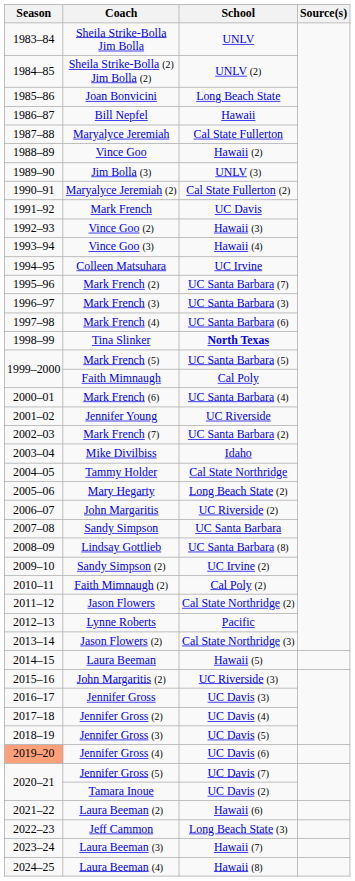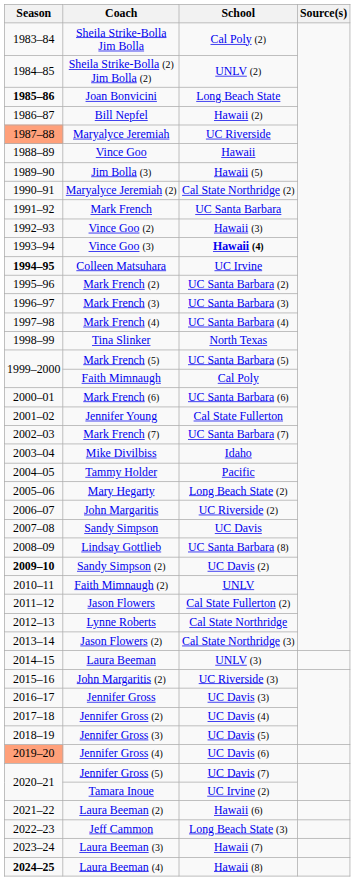 <table class="wikitable" style="text-align:center;">
 <tr>
 <th>Season</th>
 <th>Coach</th>
 <th>School</th>
 <th>Source(s)</th>
 </tr>
 <tr>
 <td>1983–84</td>
 <td><a href='#'>Sheila Strike-Bolla</a> <br> <a href='#'>Jim Bolla</a></td>
-<td><a href='#'>UNLV</a></td>
+<td><a href='#'>Cal Poly</a> <small>(2)</small></td>
 <td rowspan=32></td>
 </tr>
 <tr>
 <td>1984–85</td>
 <td><a href='#'>Sheila Strike-Bolla</a> <small>(2)</small> <br> <a href='#'>Jim Bolla</a> <small>(2)</small></td>
 <td><a href='#'>UNLV</a> <small>(2)</small></td>
 </tr>
 <tr>
-<td>1985–86</td>
+<td><strong>1985–86</strong></td>
 <td><a href='#'>Joan Bonvicini</a></td>
 <td><a href='#'>Long Beach State</a></td>
 </tr>
 <tr>
 <td>1986–87</td>
 <td><a href='#'>Bill Nepfel</a></td>
-<td><a href='#'>Hawaii</a></td>
+<td><a href='#'>Hawaii</a> <small>(2)</small></td>
 </tr>
 <tr>
-<td>1987–88</td>
+<td style="background: lightsalmon;">1987–88</td>
 <td><a href='#'>Maryalyce Jeremiah</a></td>
-<td><a href='#'>Cal State Fullerton</a></td>
+<td><a href='#'>UC Riverside</a></td>
 </tr>
 <tr>
 <td>1988–89</td>
 <td><a href='#'>Vince Goo</a></td>
-<td><a href='#'>Hawaii</a> <small>(2)</small></td>
+<td><a href='#'>Hawaii</a></td>
 </tr>
 <tr>
 <td>1989–90</td>
 <td><a href='#'>Jim Bolla</a> <small>(3)</small></td>
-<td><a href='#'>UNLV</a> <small>(3)</small></td>
+<td><a href='#'>Hawaii</a> <small>(5)</small></td>
 </tr>
 <tr>
 <td>1990–91</td>
 <td><a href='#'>Maryalyce Jeremiah</a> <small>(2)</small></td>
-<td><a href='#'>Cal State Fullerton</a> <small>(2)</small></td>
+<td><a href='#'>Cal State Northridge</a> <small>(2)</small></td>
 </tr>
 <tr>
 <td>1991–92</td>
 <td><a href='#'>Mark French</a></td>
-<td><a href='#'>UC Davis</a></td>
+<td><a href='#'>UC Santa Barbara</a></td>
 </tr>
 <tr>
 <td>1992–93</td>
 <td><a href='#'>Vince Goo</a> <small>(2)</small></td>
 <td><a href='#'>Hawaii</a> <small>(3)</small></td>
 </tr>
 <tr>
 <td>1993–94</td>
 <td><a href='#'>Vince Goo</a> <small>(3)</small></td>
-<td><a href='#'>Hawaii</a> <small>(4)</small></td>
+<td><strong><a href='#'>Hawaii</a> <small>(4)</small></strong></td>
 </tr>
 <tr>
-<td>1994–95</td>
+<td><strong>1994–95</strong></td>
 <td><a href='#'>Colleen Matsuhara</a></td>
 <td><a href='#'>UC Irvine</a></td>
 </tr>
 <tr>
 <td>1995–96</td>
 <td><a href='#'>Mark French</a> <small>(2)</small></td>
-<td><a href='#'>UC Santa Barbara</a> <small>(7)</small></td>
+<td><a href='#'>UC Santa Barbara</a> <small>(2)</small></td>
 </tr>
 <tr>
 <td>1996–97</td>
 <td><a href='#'>Mark French</a> <small>(3)</small></td>
 <td><a href='#'>UC Santa Barbara</a> <small>(3)</small></td>
 </tr>
 <tr>
 <td>1997–98</td>
 <td><a href='#'>Mark French</a> <small>(4)</small></td>
-<td><a href='#'>UC Santa Barbara</a> <small>(6)</small></td>
+<td><a href='#'>UC Santa Barbara</a> <small>(4)</small></td>
 </tr>
 <tr>
 <td>1998–99</td>
 <td><a href='#'>Tina Slinker</a></td>
-<td><strong><a href='#'>North Texas</a></strong></td>
+<td><a href='#'>North Texas</a></td>
 </tr>
 <tr>
 <td rowspan=2>1999–2000</td>
 <td><a href='#'>Mark French</a> <small>(5)</small></td>
 <td><a href='#'>UC Santa Barbara</a> <small>(5)</small></td>
 </tr>
 <tr>
 <td><a href='#'>Faith Mimnaugh</a></td>
 <td><a href='#'>Cal Poly</a></td>
 </tr>
 <tr>
 <td>2000–01</td>
 <td><a href='#'>Mark French</a> <small>(6)</small></td>
-<td><a href='#'>UC Santa Barbara</a> <small>(4)</small></td>
+<td><a href='#'>UC Santa Barbara</a> <small>(6)</small></td>
 </tr>
 <tr>
 <td>2001–02</td>
 <td><a href='#'>Jennifer Young</a></td>
-<td><a href='#'>UC Riverside</a></td>
+<td><a href='#'>Cal State Fullerton</a></td>
 </tr>
 <tr>
 <td>2002–03</td>
 <td><a href='#'>Mark French</a> <small>(7)</small></td>
-<td><a href='#'>UC Santa Barbara</a> <small>(2)</small></td>
+<td><a href='#'>UC Santa Barbara</a> <small>(7)</small></td>
 </tr>
 <tr>
 <td>2003–04</td>
 <td><a href='#'>Mike Divilbiss</a></td>
 <td><a href='#'>Idaho</a></td>
 </tr>
 <tr>
 <td>2004–05</td>
 <td><a href='#'>Tammy Holder</a></td>
-<td><a href='#'>Cal State Northridge</a></td>
+<td><a href='#'>Pacific</a></td>
 </tr>
 <tr>
 <td>2005–06</td>
 <td><a href='#'>Mary Hegarty</a></td>
 <td><a href='#'>Long Beach State</a> <small>(2)</small></td>
 </tr>
 <tr>
 <td>2006–07</td>
 <td><a href='#'>John Margaritis</a></td>
 <td><a href='#'>UC Riverside</a> <small>(2)</small></td>
 </tr>
 <tr>
 <td>2007–08</td>
 <td><a href='#'>Sandy Simpson</a></td>
-<td><a href='#'>UC Santa Barbara</a></td>
+<td><a href='#'>UC Davis</a></td>
 </tr>
 <tr>
 <td>2008–09</td>
 <td><a href='#'>Lindsay Gottlieb</a></td>
 <td><a href='#'>UC Santa Barbara</a> <small>(8)</small></td>
 </tr>
 <tr>
-<td>2009–10</td>
+<td><strong>2009–10</strong></td>
 <td><a href='#'>Sandy Simpson</a> <small>(2)</small></td>
-<td><a href='#'>UC Irvine</a> <small>(2)</small></td>
+<td><a href='#'>UC Davis</a> <small>(2)</small></td>
 </tr>
 <tr>
 <td>2010–11</td>
 <td><a href='#'>Faith Mimnaugh</a> <small>(2)</small></td>
-<td><a href='#'>Cal Poly</a> <small>(2)</small></td>
+<td><a href='#'>UNLV</a></td>
 </tr>
 <tr>
 <td>2011–12</td>
 <td><a href='#'>Jason Flowers</a></td>
-<td><a href='#'>Cal State Northridge</a> <small>(2)</small></td>
+<td><a href='#'>Cal State Fullerton</a> <small>(2)</small></td>
 </tr>
 <tr>
 <td>2012–13</td>
 <td><a href='#'>Lynne Roberts</a></td>
-<td><a href='#'>Pacific</a></td>
+<td><a href='#'>Cal State Northridge</a></td>
 </tr>
 <tr>
 <td>2013–14</td>
 <td><a href='#'>Jason Flowers</a> <small>(2)</small></td>
 <td><a href='#'>Cal State Northridge</a> <small>(3)</small></td>
 </tr>
 <tr>
 <td>2014–15</td>
 <td><a href='#'>Laura Beeman</a></td>
-<td><a href='#'>Hawaii</a> <small>(5)</small></td>
+<td><a href='#'>UNLV</a> <small>(3)</small></td>
 <td></td>
 </tr>
 <tr>
 <td>2015–16</td>
 <td><a href='#'>John Margaritis</a> <small>(2)</small></td>
 <td><a href='#'>UC Riverside</a> <small>(3)</small></td>
 <td rowspan=4></td>
 </tr>
 <tr>
 <td>2016–17</td>
 <td><a href='#'>Jennifer Gross</a></td>
 <td><a href='#'>UC Davis</a> <small>(3)</small></td>
 </tr>
 <tr>
 <td>2017–18</td>
 <td><a href='#'>Jennifer Gross</a> <small>(2)</small></td>
 <td><a href='#'>UC Davis</a> <small>(4)</small></td>
 </tr>
 <tr>
 <td>2018–19</td>
 <td><a href='#'>Jennifer Gross</a> <small>(3)</small></td>
 <td><a href='#'>UC Davis</a> <small>(5)</small></td>
 </tr>
 <tr>
 <td style="background: lightsalmon;">2019–20</td>
 <td><a href='#'>Jennifer Gross</a> <small>(4)</small></td>
 <td><a href='#'>UC Davis</a> <small>(6)</small></td>
 <td></td>
 </tr>
 <tr>
 <td rowspan=2>2020–21</td>
 <td><a href='#'>Jennifer Gross</a> <small>(5)</small></td>
 <td><a href='#'>UC Davis</a> <small>(7)</small></td>
 <td rowspan=2></td>
 </tr>
 <tr>
 <td><a href='#'>Tamara Inoue</a></td>
-<td><a href='#'>UC Davis</a> <small>(2)</small></td>
+<td><a href='#'>UC Irvine</a> <small>(2)</small></td>
 </tr>
 <tr>
 <td>2021–22</td>
 <td><a href='#'>Laura Beeman</a> <small>(2)</small></td>
 <td><a href='#'>Hawaii</a> <small>(6)</small></td>
 <td></td>
 </tr>
 <tr>
 <td>2022–23</td>
 <td><a href='#'>Jeff Cammon</a></td>
 <td><a href='#'>Long Beach State</a> <small>(3)</small></td>
 <td></td>
 </tr>
 <tr>
 <td>2023–24</td>
 <td><a href='#'>Laura Beeman</a> <small>(3)</small></td>
 <td><a href='#'>Hawaii</a> <small>(7)</small></td>
 <td></td>
 </tr>
 <tr>
-<td>2024–25</td>
+<td><strong>2024–25</strong></td>
 <td><a href='#'>Laura Beeman</a> <small>(4)</small></td>
 <td><a href='#'>Hawaii</a> <small>(8)</small></td>
 <td></td>
 </tr>
 </table>
